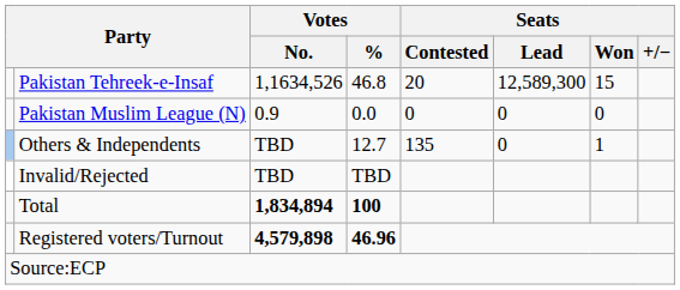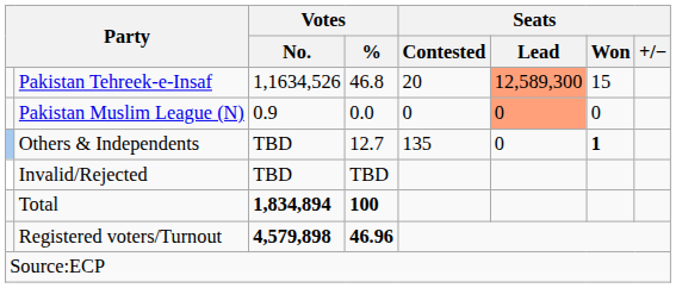 <table class="wikitable sortable">
 <tr>
 <th colspan="2" rowspan="2">Party</th>
 <th colspan="2">Votes</th>
 <th colspan="4">Seats</th>
 </tr>
 <tr>
 <th>No.</th>
 <th>%</th>
 <th>Contested</th>
 <th>Lead</th>
 <th>Won</th>
 <th><strong>+/−</strong></th>
 </tr>
 <tr>
 <td></td>
 <td><a href='#'>Pakistan Tehreek-e-Insaf</a></td>
 <td>1,1634,526</td>
 <td>46.8</td>
 <td>20</td>
-<td>12,589,300</td>
+<td style="background: lightsalmon;">12,589,300</td>
 <td>15</td>
 <td></td>
 </tr>
 <tr>
 <td></td>
 <td><a href='#'>Pakistan Muslim League (N)</a></td>
 <td>0.9</td>
 <td>0.0</td>
 <td>0</td>
-<td>0</td>
+<td style="background: lightsalmon;">0</td>
 <td>0</td>
 <td></td>
 </tr>
 <tr>
 <td bgcolor=#a6caf0></td>
 <td>Others & Independents</td>
 <td>TBD</td>
 <td>12.7</td>
 <td>135</td>
 <td>0</td>
-<td>1</td>
+<td><strong>1</strong></td>
 <td></td>
 </tr>
 <tr>
 <td bgcolor=white></td>
 <td>Invalid/Rejected</td>
 <td>TBD</td>
 <td>TBD</td>
 <td></td>
 <td></td>
 <td></td>
 <td></td>
 </tr>
 <tr class="sortbottom">
 <td></td>
 <td>Total</td>
 <td><strong>1,834,894</strong></td>
 <td><strong>100</strong></td>
 <td></td>
 <td></td>
 <td></td>
 <td></td>
 </tr>
 <tr>
 <td></td>
 <td>Registered voters/Turnout</td>
 <td><strong>4,579,898</strong></td>
 <td><strong>46.96</strong></td>
 <td colspan="4"></td>
 </tr>
 <tr class="sortbottom">
 <td colspan="8">Source:ECP</td>
 </tr>
 </table>
